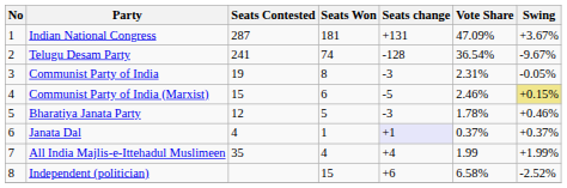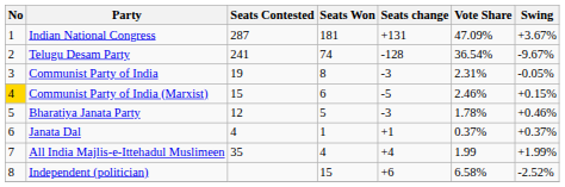 <table class="sortable wikitable">
 <tr>
 <th>No</th>
 <th>Party</th>
 <th>Seats Contested</th>
 <th>Seats Won</th>
 <th>Seats change</th>
 <th>Vote Share</th>
 <th>Swing</th>
 </tr>
 <tr>
 <td>1</td>
 <td><a href='#'>Indian National Congress</a></td>
 <td>287</td>
 <td>181</td>
 <td>+131</td>
 <td>47.09%</td>
 <td>+3.67%</td>
 </tr>
 <tr>
 <td>2</td>
 <td><a href='#'>Telugu Desam Party</a></td>
 <td>241</td>
 <td>74</td>
 <td>-128</td>
 <td>36.54%</td>
 <td>-9.67%</td>
 </tr>
 <tr>
 <td>3</td>
 <td><a href='#'>Communist Party of India</a></td>
 <td>19</td>
 <td>8</td>
 <td>-3</td>
 <td>2.31%</td>
 <td>-0.05%</td>
 </tr>
 <tr>
-<td>4</td>
+<td style="background: gold;">4</td>
 <td><a href='#'>Communist Party of India (Marxist)</a></td>
 <td>15</td>
 <td>6</td>
 <td>-5</td>
 <td>2.46%</td>
-<td style="background: khaki;">+0.15%</td>
+<td>+0.15%</td>
 </tr>
 <tr>
 <td>5</td>
 <td><a href='#'>Bharatiya Janata Party</a></td>
 <td>12</td>
 <td>5</td>
 <td>-3</td>
 <td>1.78%</td>
 <td>+0.46%</td>
 </tr>
 <tr>
 <td>6</td>
 <td><a href='#'>Janata Dal</a></td>
 <td>4</td>
 <td>1</td>
-<td style="background: lavender;">+1</td>
+<td>+1</td>
 <td>0.37%</td>
 <td>+0.37%</td>
 </tr>
 <tr>
 <td>7</td>
 <td><a href='#'>All India Majlis-e-Ittehadul Muslimeen</a></td>
 <td>35</td>
 <td>4</td>
 <td>+4</td>
 <td>1.99</td>
 <td>+1.99%</td>
 </tr>
 <tr>
 <td>8</td>
 <td><a href='#'>Independent (politician)</a></td>
 <td></td>
 <td>15</td>
 <td>+6</td>
 <td>6.58%</td>
 <td>-2.52%</td>
 </tr>
 <tr>
 </tr>
 </table>
